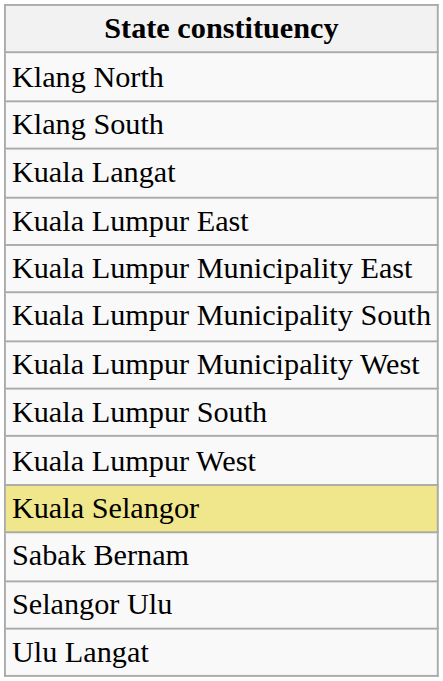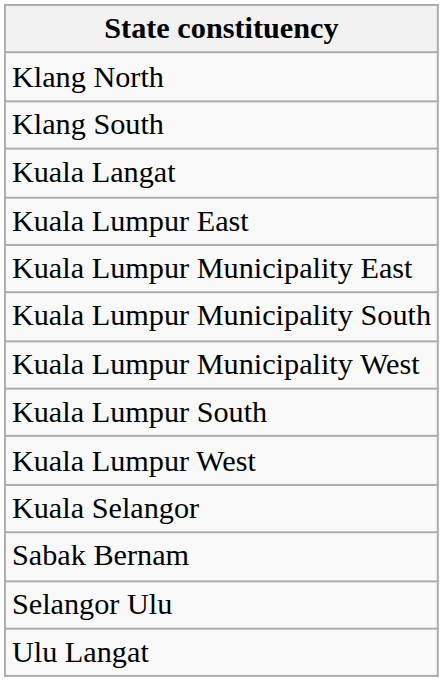 <table class=wikitable>
 <tr>
 <th>State constituency</th>
 </tr>
 <tr>
 <td>Klang North</td>
 </tr>
 <tr>
 <td>Klang South</td>
 </tr>
 <tr>
 <td>Kuala Langat</td>
 </tr>
 <tr>
 <td>Kuala Lumpur East</td>
 </tr>
 <tr>
 <td>Kuala Lumpur Municipality East</td>
 </tr>
 <tr>
 <td>Kuala Lumpur Municipality South</td>
 </tr>
 <tr>
 <td>Kuala Lumpur Municipality West</td>
 </tr>
 <tr>
 <td>Kuala Lumpur South</td>
 </tr>
 <tr>
 <td>Kuala Lumpur West</td>
 </tr>
 <tr>
-<td style="background: khaki;">Kuala Selangor</td>
+<td>Kuala Selangor</td>
 </tr>
 <tr>
 <td>Sabak Bernam</td>
 </tr>
 <tr>
 <td>Selangor Ulu</td>
 </tr>
 <tr>
 <td>Ulu Langat</td>
 </tr>
 </table>
